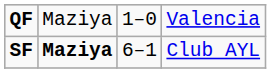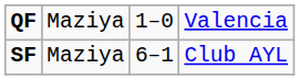 <table class="wikitable" style="font-size:95%">
 <tr>
 <td><strong>QF</strong></td>
 <td align=right>Maziya</td>
 <td>1–0</td>
 <td><a href='#'>Valencia</a></td>
 </tr>
 <tr>
 <td><strong>SF</strong></td>
-<td align=right><strong>Maziya</strong></td>
+<td align=right>Maziya</td>
 <td>6–1</td>
 <td><a href='#'>Club AYL</a></td>
 </tr>
 </table>
